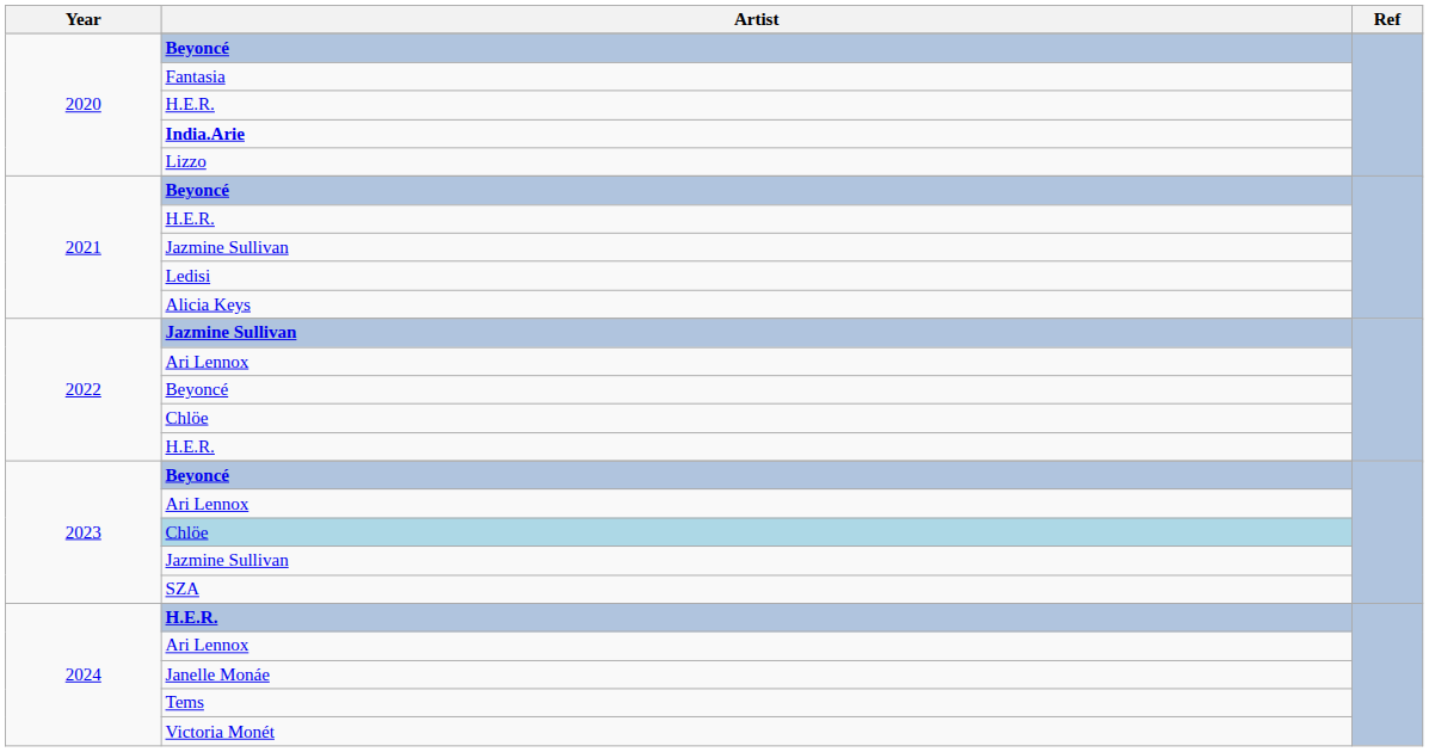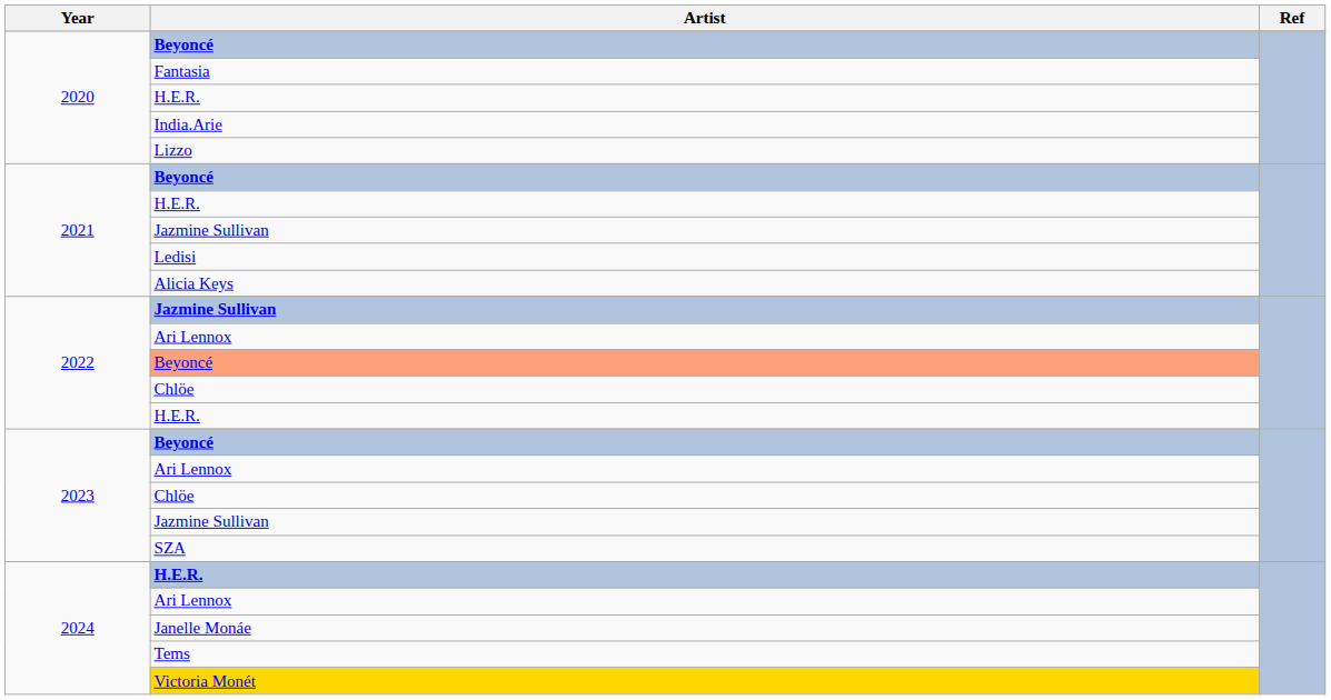 <table class="wikitable" style="width:100%;">
 <tr style="background:#bebebe;">
 <th style="width:11%;">Year</th>
 <th style="width:84%;">Artist</th>
 <th style="width:5%;">Ref</th>
 </tr>
 <tr>
 <td rowspan="6" align="center"><a href='#'>2020</a></td>
 </tr>
 <tr style="background:#B0C4DE">
 <td><strong><a href='#'>Beyoncé</a></strong></td>
 <td rowspan="6" align="center"></td>
 </tr>
 <tr>
 <td><a href='#'>Fantasia</a></td>
 </tr>
 <tr>
 <td><a href='#'>H.E.R.</a></td>
 </tr>
 <tr>
-<td><strong><a href='#'>India.Arie</a></strong></td>
+<td><a href='#'>India.Arie</a></td>
 </tr>
 <tr>
 <td><a href='#'>Lizzo</a></td>
 </tr>
 <tr>
 <td rowspan="6" align="center"><a href='#'>2021</a></td>
 </tr>
 <tr style="background:#B0C4DE">
 <td><strong><a href='#'>Beyoncé</a></strong></td>
 <td rowspan="6" align="center"></td>
 </tr>
 <tr>
 <td><a href='#'>H.E.R.</a></td>
 </tr>
 <tr>
 <td><a href='#'>Jazmine Sullivan</a></td>
 </tr>
 <tr>
 <td><a href='#'>Ledisi</a></td>
 </tr>
 <tr>
 <td><a href='#'>Alicia Keys</a></td>
 </tr>
 <tr>
 <td rowspan="6" align="center"><a href='#'>2022</a></td>
 </tr>
 <tr style="background:#B0C4DE">
 <td><strong><a href='#'>Jazmine Sullivan</a></strong></td>
 <td rowspan="6" align="center"></td>
 </tr>
 <tr>
 <td><a href='#'>Ari Lennox</a></td>
 </tr>
 <tr>
-<td><a href='#'>Beyoncé</a></td>
+<td style="background: lightsalmon;"><a href='#'>Beyoncé</a></td>
 </tr>
 <tr>
 <td><a href='#'>Chlöe</a></td>
 </tr>
 <tr>
 <td><a href='#'>H.E.R.</a></td>
 </tr>
 <tr>
 <td rowspan="6" align="center"><a href='#'>2023</a></td>
 </tr>
 <tr style="background:#B0C4DE">
 <td><strong><a href='#'>Beyoncé</a></strong></td>
 <td rowspan="6" align="center"></td>
 </tr>
 <tr>
 <td><a href='#'>Ari Lennox</a></td>
 </tr>
 <tr>
-<td style="background: lightblue;"><a href='#'>Chlöe</a></td>
+<td><a href='#'>Chlöe</a></td>
 </tr>
 <tr>
 <td><a href='#'>Jazmine Sullivan</a></td>
 </tr>
 <tr>
 <td><a href='#'>SZA</a></td>
 </tr>
 <tr>
 <td rowspan="6" align="center"><a href='#'>2024</a></td>
 </tr>
 <tr style="background:#B0C4DE">
 <td><strong><a href='#'>H.E.R.</a></strong></td>
 <td rowspan="6" align="center"></td>
 </tr>
 <tr>
 <td><a href='#'>Ari Lennox</a></td>
 </tr>
 <tr>
 <td><a href='#'>Janelle Monáe</a></td>
 </tr>
 <tr>
 <td><a href='#'>Tems</a></td>
 </tr>
 <tr>
-<td><a href='#'>Victoria Monét</a></td>
+<td style="background: gold;"><a href='#'>Victoria Monét</a></td>
 </tr>
 </table>
